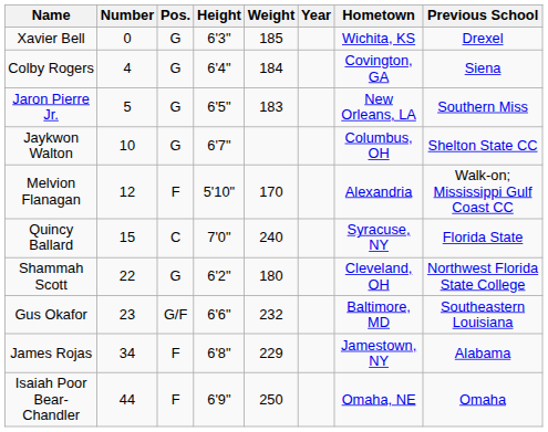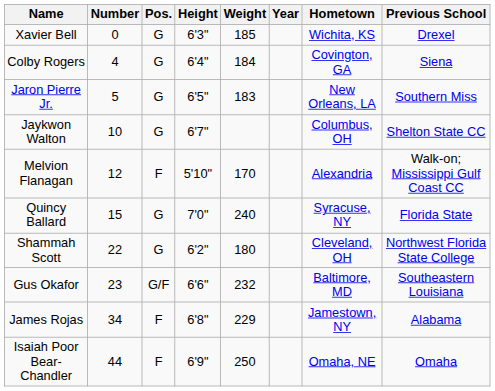 <table class="wikitable sortable" border="1" style="text-align:center;">
 <tr align=center>
 <th>Name</th>
 <th>Number</th>
 <th>Pos.</th>
 <th>Height</th>
 <th>Weight</th>
 <th>Year</th>
 <th>Hometown</th>
 <th>Previous School</th>
 </tr>
 <tr>
 <td>Xavier Bell</td>
 <td>0</td>
 <td>G</td>
 <td>6'3"</td>
 <td>185</td>
 <td></td>
 <td><a href='#'>Wichita, KS</a></td>
 <td><a href='#'>Drexel</a></td>
 </tr>
 <tr>
 <td>Colby Rogers</td>
 <td>4</td>
 <td>G</td>
 <td>6'4"</td>
 <td>184</td>
 <td></td>
 <td><a href='#'>Covington, GA</a></td>
 <td><a href='#'>Siena</a></td>
 </tr>
 <tr>
 <td><a href='#'>Jaron Pierre Jr.</a></td>
 <td>5</td>
 <td>G</td>
 <td>6'5"</td>
 <td>183</td>
 <td></td>
 <td><a href='#'>New Orleans, LA</a></td>
 <td><a href='#'>Southern Miss</a></td>
 </tr>
 <tr>
 <td>Jaykwon Walton</td>
 <td>10</td>
 <td>G</td>
 <td>6'7"</td>
 <td></td>
 <td></td>
 <td><a href='#'>Columbus, OH</a></td>
 <td><a href='#'>Shelton State CC</a></td>
 </tr>
 <tr>
 <td>Melvion Flanagan</td>
 <td>12</td>
 <td>F</td>
 <td>5'10"</td>
 <td>170</td>
 <td></td>
 <td><a href='#'>Alexandria</a></td>
 <td>Walk-on; <a href='#'>Mississippi Gulf Coast CC</a></td>
 </tr>
 <tr>
 <td>Quincy Ballard</td>
 <td>15</td>
-<td>C</td>
+<td>G</td>
 <td>7'0"</td>
 <td>240</td>
 <td></td>
 <td><a href='#'>Syracuse, NY</a></td>
 <td><a href='#'>Florida State</a></td>
 </tr>
 <tr>
 <td>Shammah Scott</td>
 <td>22</td>
 <td>G</td>
 <td>6'2"</td>
 <td>180</td>
 <td></td>
 <td><a href='#'>Cleveland, OH</a></td>
 <td><a href='#'>Northwest Florida State College</a></td>
 </tr>
 <tr>
 <td>Gus Okafor</td>
 <td>23</td>
 <td>G/F</td>
 <td>6'6"</td>
 <td>232</td>
 <td></td>
 <td><a href='#'>Baltimore, MD</a></td>
 <td><a href='#'>Southeastern Louisiana</a></td>
 </tr>
 <tr>
 <td>James Rojas</td>
 <td>34</td>
 <td>F</td>
 <td>6'8"</td>
 <td>229</td>
 <td></td>
 <td><a href='#'>Jamestown, NY</a></td>
 <td><a href='#'>Alabama</a></td>
 </tr>
 <tr>
 <td>Isaiah Poor Bear-Chandler</td>
 <td>44</td>
 <td>F</td>
 <td>6'9"</td>
 <td>250</td>
 <td></td>
 <td><a href='#'>Omaha, NE</a></td>
 <td><a href='#'>Omaha</a></td>
 </tr>
 </table>
